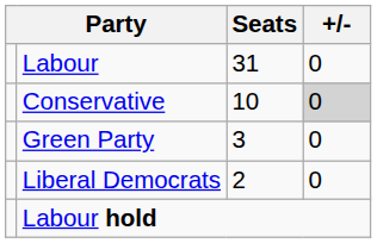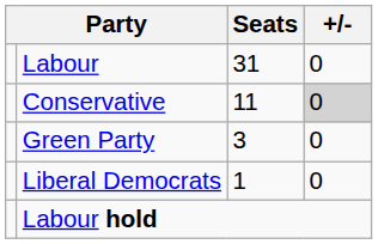 <table class="wikitable">
 <tr>
 <th colspan="2">Party</th>
 <th>Seats</th>
 <th>  +/-  </th>
 </tr>
 <tr>
 <td style="background-color: "></td>
 <td><a href='#'>Labour</a></td>
 <td>31</td>
 <td>0</td>
 </tr>
 <tr>
 <td style="background-color: "></td>
 <td><a href='#'>Conservative</a></td>
-<td>10</td>
+<td>11</td>
 <td style="background: lightgrey;">0</td>
 </tr>
 <tr>
 <td style="background-color: "></td>
 <td><a href='#'>Green Party</a></td>
 <td>3</td>
 <td>0</td>
 </tr>
 <tr>
 <td style="background-color: "></td>
 <td><a href='#'>Liberal Democrats</a></td>
-<td>2</td>
+<td>1</td>
 <td>0</td>
 </tr>
 <tr>
 <td style="background-color: "></td>
 <td colspan="3"><a href='#'>Labour</a> <strong>hold</strong></td>
 </tr>
 </table>
